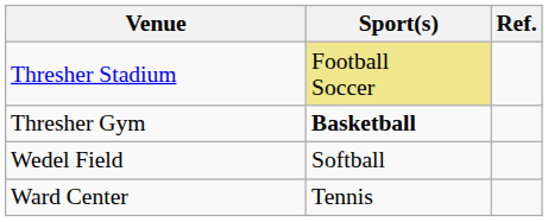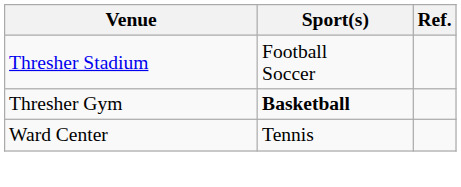 <table class="wikitable"; style= "text-align: ">
 <tr>
 <th width=200px>Venue</th>
 <th width=120px>Sport(s)</th>
 <th width=px>Ref.</th>
 </tr>
 <tr>
 <td><a href='#'>Thresher Stadium</a></td>
-<td style="background: khaki;">Football <br> Soccer</td>
+<td>Football <br> Soccer</td>
 <td></td>
 </tr>
 <tr>
 <td>Thresher Gym</td>
 <td><strong>Basketball</strong></td>
 <td></td>
 </tr>
 <tr>
-<td>Wedel Field</td>
-<td>Softball</td>
-<td></td>
-</tr>
-<tr>
 <td>Ward Center</td>
 <td>Tennis</td>
 <td></td>
 </tr>
 </table>
